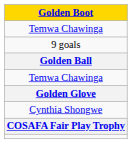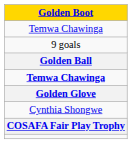 <table class="wikitable" style="text-align:center">
 <tr>
 <th scope=col style="background-color: gold"><a href='#'>Golden Boot</a></th>
 </tr>
 <tr>
 <td> <a href='#'>Temwa Chawinga</a></td>
 </tr>
 <tr>
 <td>9 goals</td>
 </tr>
 <tr>
 <th><a href='#'>Golden Ball</a></th>
 </tr>
 <tr>
-<td> <a href='#'>Temwa Chawinga</a></td>
+<td><strong> <a href='#'>Temwa Chawinga</a></strong></td>
 </tr>
 <tr>
 <th><a href='#'>Golden Glove</a></th>
 </tr>
 <tr>
 <td> <a href='#'>Cynthia Shongwe</a></td>
 </tr>
 <tr>
 <th><a href='#'>COSAFA Fair Play Trophy</a></th>
 </tr>
 <tr>
 <td></td>
 </tr>
 </table>
